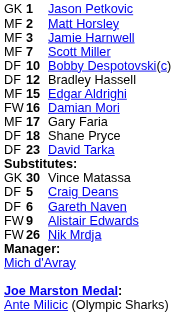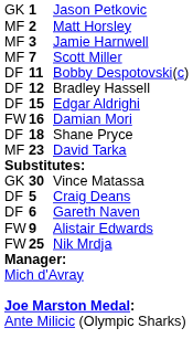 <table style="font-size: 90%" cellspacing="0" cellpadding="0">
 <tr>
 <th width="25"></th>
 <th width="25"></th>
 </tr>
 <tr>
 <td>GK</td>
 <td><strong>1</strong></td>
 <td> <a href='#'>Jason Petkovic</a></td>
 </tr>
 <tr>
 <td>MF</td>
 <td><strong>2</strong></td>
 <td> <a href='#'>Matt Horsley</a></td>
 </tr>
 <tr>
 <td>MF</td>
 <td><strong>3</strong></td>
 <td> <a href='#'>Jamie Harnwell</a></td>
 </tr>
 <tr>
 <td>MF</td>
 <td><strong>7</strong></td>
 <td> <a href='#'>Scott Miller</a></td>
 </tr>
 <tr>
 <td>DF</td>
-<td><strong>10</strong></td>
+<td><strong>11</strong></td>
 <td> <a href='#'>Bobby Despotovski</a></td>
 <td>(<a href='#'>c</a>)  </td>
 </tr>
 <tr>
 <td>DF</td>
 <td><strong>12</strong></td>
 <td> Bradley Hassell</td>
 <td></td>
 <td></td>
 </tr>
 <tr>
-<td>MF</td>
+<td>DF</td>
 <td><strong>15</strong></td>
 <td> <a href='#'>Edgar Aldrighi</a></td>
 </tr>
 <tr>
 <td>FW</td>
 <td><strong>16</strong></td>
 <td> <a href='#'>Damian Mori</a></td>
 </tr>
 <tr>
-<td>MF</td>
-<td><strong>17</strong></td>
-<td> Gary Faria</td>
-<td></td>
-<td></td>
-</tr>
-<tr>
 <td>DF</td>
 <td><strong>18</strong></td>
 <td> Shane Pryce</td>
 </tr>
 <tr>
-<td>DF</td>
+<td>MF</td>
 <td><strong>23</strong></td>
 <td> <a href='#'>David Tarka</a></td>
 </tr>
 <tr>
 <td colspan=3><strong>Substitutes:</strong></td>
 </tr>
 <tr>
 <td>GK</td>
 <td><strong>30</strong></td>
 <td> Vince Matassa</td>
 </tr>
 <tr>
 <td>DF</td>
 <td><strong>5</strong></td>
 <td> <a href='#'>Craig Deans</a></td>
 </tr>
 <tr>
 <td>DF</td>
 <td><strong>6</strong></td>
 <td> <a href='#'>Gareth Naven</a></td>
 </tr>
 <tr>
 <td>FW</td>
 <td><strong>9</strong></td>
 <td> <a href='#'>Alistair Edwards</a></td>
 <td></td>
 <td></td>
 </tr>
 <tr>
 <td>FW</td>
-<td><strong>26</strong></td>
+<td><strong>25</strong></td>
 <td> <a href='#'>Nik Mrdja</a></td>
 <td></td>
 <td></td>
 </tr>
 <tr>
 <td colspan=3><strong>Manager:</strong></td>
 </tr>
 <tr>
 <td colspan=4> <a href='#'>Mich d'Avray</a><br><br><strong><a href='#'>Joe Marston Medal</a>:</strong> <br><a href='#'>Ante Milicic</a> (Olympic Sharks)</td>
 </tr>
 </table>
